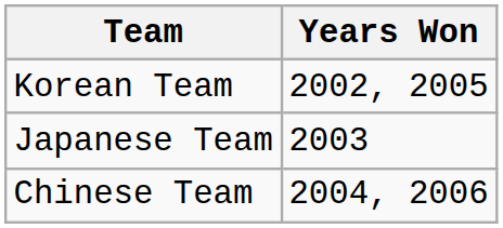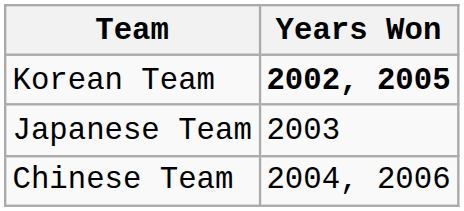 <table class="wikitable">
 <tr>
 <th>Team</th>
 <th>Years Won</th>
 </tr>
 <tr>
 <td> Korean Team</td>
-<td>2002, 2005</td>
+<td><strong>2002, 2005</strong></td>
 </tr>
 <tr>
 <td> Japanese Team</td>
 <td>2003</td>
 </tr>
 <tr>
 <td> Chinese Team</td>
 <td>2004, 2006</td>
 </tr>
 </table>
